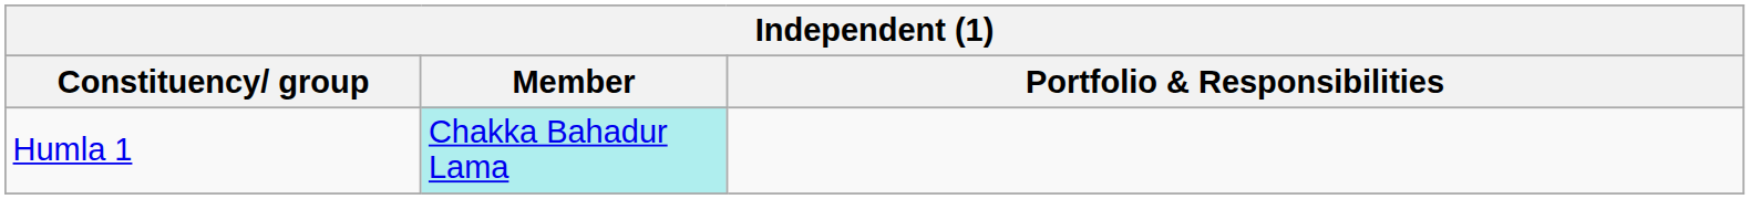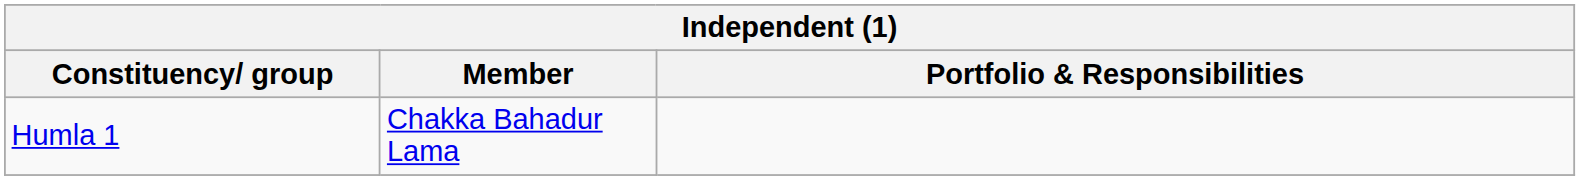 <table class="wikitable">
 <tr>
 <th colspan="3" style="width: 700pt; background:">Independent (1)</th>
 </tr>
 <tr>
 <th style="width:150pt;">Constituency/ group</th>
 <th>Member</th>
 <th style="width:375pt;">Portfolio & Responsibilities</th>
 </tr>
 <tr>
 <td><a href='#'>Humla 1</a></td>
-<td style="background: paleturquoise;"><a href='#'>Chakka Bahadur Lama</a></td>
+<td><a href='#'>Chakka Bahadur Lama</a></td>
 <td></td>
 </tr>
 </table>
